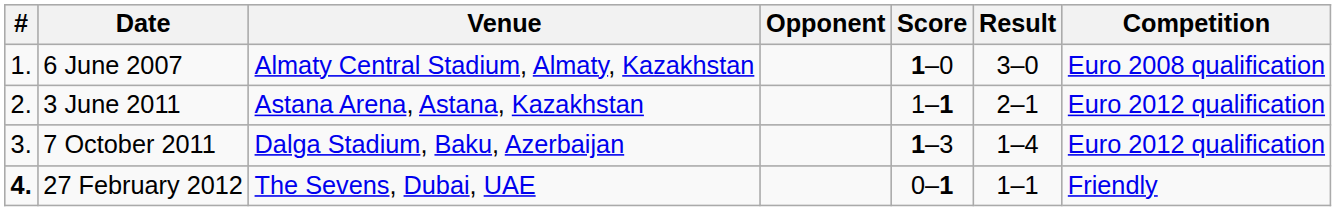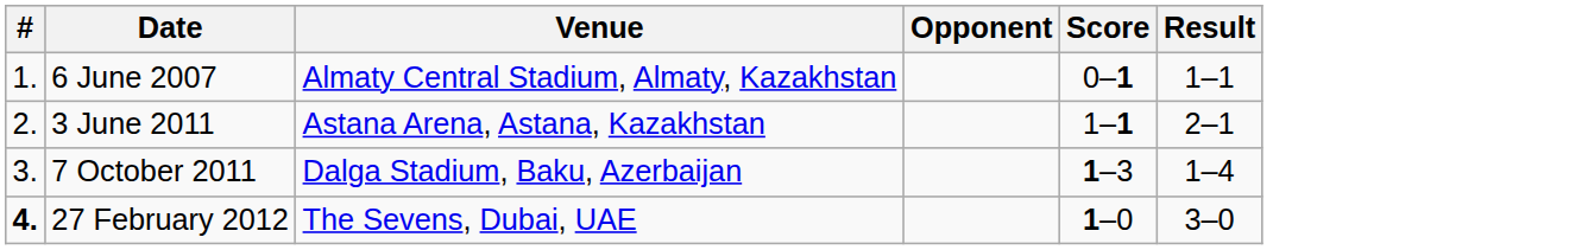 <table class="wikitable">
 <tr>
 <th>#</th>
 <th>Date</th>
 <th>Venue</th>
 <th>Opponent</th>
 <th>Score</th>
 <th>Result</th>
-<th>Competition</th>
 </tr>
 <tr>
 <td>1.</td>
 <td>6 June 2007</td>
 <td><a href='#'>Almaty Central Stadium</a>, <a href='#'>Almaty</a>, <a href='#'>Kazakhstan</a></td>
 <td></td>
-<td align=center><strong>1</strong>–0</td>
-<td align=center>3–0</td>
-<td><a href='#'>Euro 2008 qualification</a></td>
+<td align=center>0–<strong>1</strong></td>
+<td align=center>1–1</td>
 </tr>
 <tr>
 <td>2.</td>
 <td>3 June 2011</td>
 <td><a href='#'>Astana Arena</a>, <a href='#'>Astana</a>, <a href='#'>Kazakhstan</a></td>
 <td></td>
 <td align=center>1–<strong>1</strong></td>
 <td align=center>2–1</td>
-<td><a href='#'>Euro 2012  qualification</a></td>
 </tr>
 <tr>
 <td>3.</td>
 <td>7 October 2011</td>
 <td><a href='#'>Dalga Stadium</a>, <a href='#'>Baku</a>, <a href='#'>Azerbaijan</a></td>
 <td></td>
 <td align=center><strong>1</strong>–3</td>
 <td align=center>1–4</td>
-<td><a href='#'>Euro 2012  qualification</a></td>
 </tr>
 <tr>
 <td><strong>4.</strong></td>
 <td>27 February 2012</td>
 <td><a href='#'>The Sevens</a>, <a href='#'>Dubai</a>, <a href='#'>UAE</a></td>
 <td></td>
-<td align=center>0–<strong>1</strong></td>
-<td align=center>1–1</td>
-<td><a href='#'>Friendly</a></td>
+<td align=center><strong>1</strong>–0</td>
+<td align=center>3–0</td>
 </tr>
 </table>
